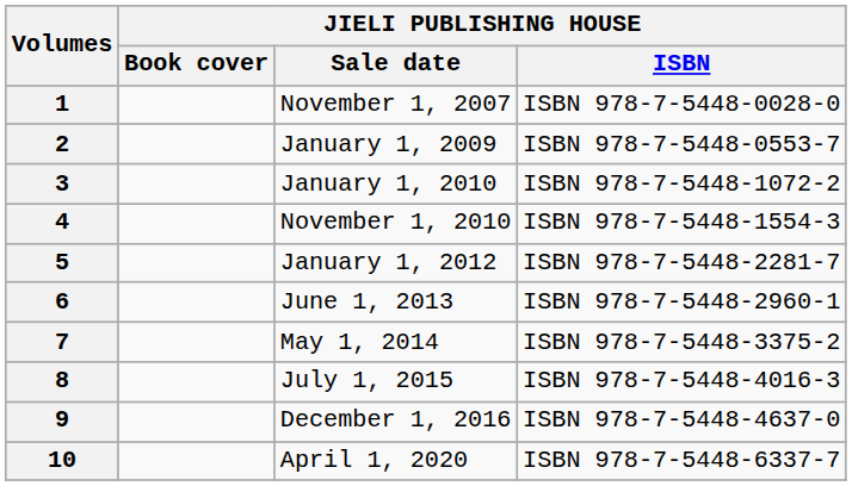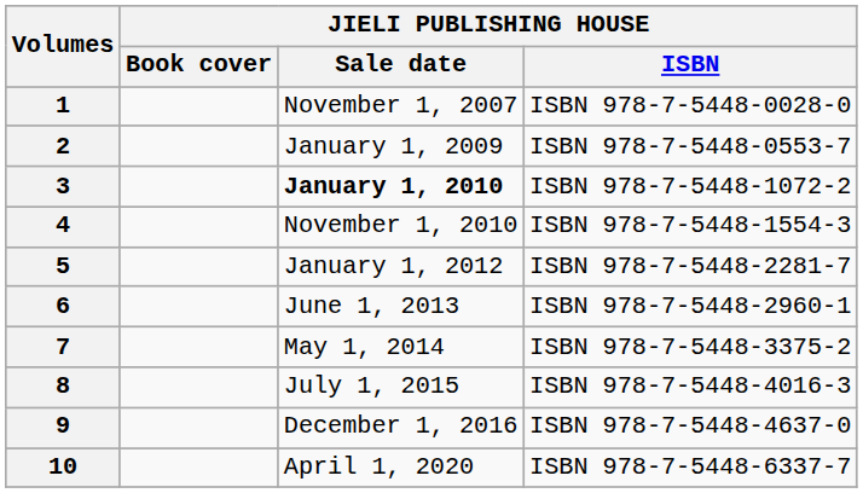 <table class=wikitable style="font-size:small;">
 <tr>
 <th rowspan="2">Volumes</th>
 <th colspan="3"> JIELI PUBLISHING HOUSE</th>
 </tr>
 <tr>
 <th>Book cover</th>
 <th>Sale date</th>
 <th><a href='#'>ISBN</a></th>
 </tr>
 <tr>
 <th>1</th>
 <td></td>
 <td>November 1, 2007</td>
 <td>ISBN 978-7-5448-0028-0</td>
 </tr>
 <tr>
 <th>2</th>
 <td></td>
 <td>January 1, 2009</td>
 <td>ISBN 978-7-5448-0553-7</td>
 </tr>
 <tr>
 <th>3</th>
 <td></td>
-<td>January 1, 2010</td>
+<td><strong>January 1, 2010</strong></td>
 <td>ISBN 978-7-5448-1072-2</td>
 </tr>
 <tr>
 <th>4</th>
 <td></td>
 <td>November 1, 2010</td>
 <td>ISBN 978-7-5448-1554-3</td>
 </tr>
 <tr>
 <th>5</th>
 <td></td>
 <td>January 1, 2012</td>
 <td>ISBN 978-7-5448-2281-7</td>
 </tr>
 <tr>
 <th>6</th>
 <td></td>
 <td>June 1, 2013</td>
 <td>ISBN 978-7-5448-2960-1</td>
 </tr>
 <tr>
 <th>7</th>
 <td></td>
 <td>May 1, 2014</td>
 <td>ISBN 978-7-5448-3375-2</td>
 </tr>
 <tr>
 <th>8</th>
 <td></td>
 <td>July 1, 2015</td>
 <td>ISBN 978-7-5448-4016-3</td>
 </tr>
 <tr>
 <th>9</th>
 <td></td>
 <td>December 1, 2016</td>
 <td>ISBN 978-7-5448-4637-0</td>
 </tr>
 <tr>
 <th>10</th>
 <td></td>
 <td>April 1, 2020</td>
 <td>ISBN 978-7-5448-6337-7</td>
 </tr>
 </table>
